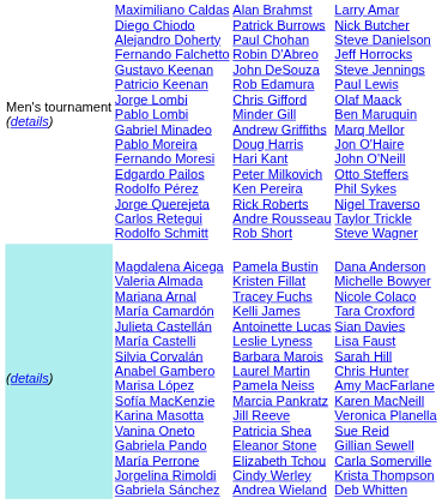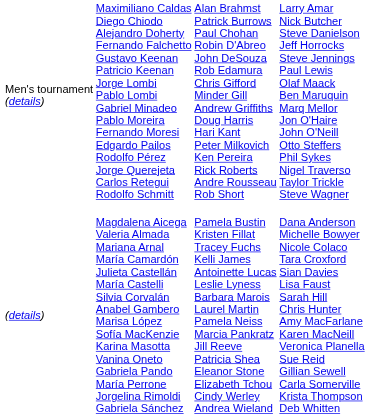 <table>
 <tr>
 <td>Men's tournament<br><em>(<a href='#'>details</a>)</em></td>
 <td><br><a href='#'>Maximiliano Caldas</a><br><a href='#'>Diego Chiodo</a><br><a href='#'>Alejandro Doherty</a><br><a href='#'>Fernando Falchetto</a><br><a href='#'>Gustavo Keenan</a><br><a href='#'>Patricio Keenan</a><br><a href='#'>Jorge Lombi</a><br><a href='#'>Pablo Lombi</a><br><a href='#'>Gabriel Minadeo</a><br><a href='#'>Pablo Moreira</a><br><a href='#'>Fernando Moresi</a><br><a href='#'>Edgardo Pailos</a><br><a href='#'>Rodolfo Pérez</a><br><a href='#'>Jorge Querejeta</a><br><a href='#'>Carlos Retegui</a><br><a href='#'>Rodolfo Schmitt</a></td>
 <td><br><a href='#'>Alan Brahmst</a><br><a href='#'>Patrick Burrows</a><br><a href='#'>Paul Chohan</a><br><a href='#'>Robin D'Abreo</a><br><a href='#'>John DeSouza</a><br><a href='#'>Rob Edamura</a><br><a href='#'>Chris Gifford</a><br><a href='#'>Minder Gill</a><br><a href='#'>Andrew Griffiths</a><br><a href='#'>Doug Harris</a><br><a href='#'>Hari Kant</a><br><a href='#'>Peter Milkovich</a><br><a href='#'>Ken Pereira</a><br><a href='#'>Rick Roberts</a><br><a href='#'>Andre Rousseau</a><br><a href='#'>Rob Short</a></td>
 <td><br><a href='#'>Larry Amar</a><br><a href='#'>Nick Butcher</a><br><a href='#'>Steve Danielson</a><br><a href='#'>Jeff Horrocks</a><br><a href='#'>Steve Jennings</a><br><a href='#'>Paul Lewis</a><br><a href='#'>Olaf Maack</a><br><a href='#'>Ben Maruquin</a><br><a href='#'>Marq Mellor</a><br><a href='#'>Jon O'Haire</a><br><a href='#'>John O'Neill</a><br><a href='#'>Otto Steffers</a><br><a href='#'>Phil Sykes</a><br><a href='#'>Nigel Traverso</a><br><a href='#'>Taylor Trickle</a><br><a href='#'>Steve Wagner</a></td>
 </tr>
 <tr>
-<td style="background: paleturquoise;"><br><em>(<a href='#'>details</a>)</em></td>
+<td><br><em>(<a href='#'>details</a>)</em></td>
 <td><br><a href='#'>Magdalena Aicega</a><br><a href='#'>Valeria Almada</a><br><a href='#'>Mariana Arnal</a><br><a href='#'>María Camardón</a><br><a href='#'>Julieta Castellán</a><br><a href='#'>María Castelli</a><br><a href='#'>Silvia Corvalán</a><br><a href='#'>Anabel Gambero</a><br><a href='#'>Marisa López</a><br><a href='#'>Sofía MacKenzie</a><br><a href='#'>Karina Masotta</a><br><a href='#'>Vanina Oneto</a><br><a href='#'>Gabriela Pando</a><br><a href='#'>María Perrone</a><br><a href='#'>Jorgelina Rimoldi</a><br><a href='#'>Gabriela Sánchez</a></td>
 <td><br><a href='#'>Pamela Bustin</a><br><a href='#'>Kristen Fillat</a><br><a href='#'>Tracey Fuchs</a><br><a href='#'>Kelli James</a><br><a href='#'>Antoinette Lucas</a><br><a href='#'>Leslie Lyness</a><br><a href='#'>Barbara Marois</a><br><a href='#'>Laurel Martin</a><br><a href='#'>Pamela Neiss</a><br><a href='#'>Marcia Pankratz</a><br><a href='#'>Jill Reeve</a><br><a href='#'>Patricia Shea</a><br><a href='#'>Eleanor Stone</a><br><a href='#'>Elizabeth Tchou</a><br><a href='#'>Cindy Werley</a><br><a href='#'>Andrea Wieland</a></td>
 <td><br><a href='#'>Dana Anderson</a><br><a href='#'>Michelle Bowyer</a><br><a href='#'>Nicole Colaco</a><br><a href='#'>Tara Croxford</a><br><a href='#'>Sian Davies</a><br><a href='#'>Lisa Faust</a><br><a href='#'>Sarah Hill</a><br><a href='#'>Chris Hunter</a><br><a href='#'>Amy MacFarlane</a><br><a href='#'>Karen MacNeill</a><br><a href='#'>Veronica Planella</a><br><a href='#'>Sue Reid</a><br><a href='#'>Gillian Sewell</a><br><a href='#'>Carla Somerville</a><br><a href='#'>Krista Thompson</a><br><a href='#'>Deb Whitten</a></td>
 </tr>
 </table>
